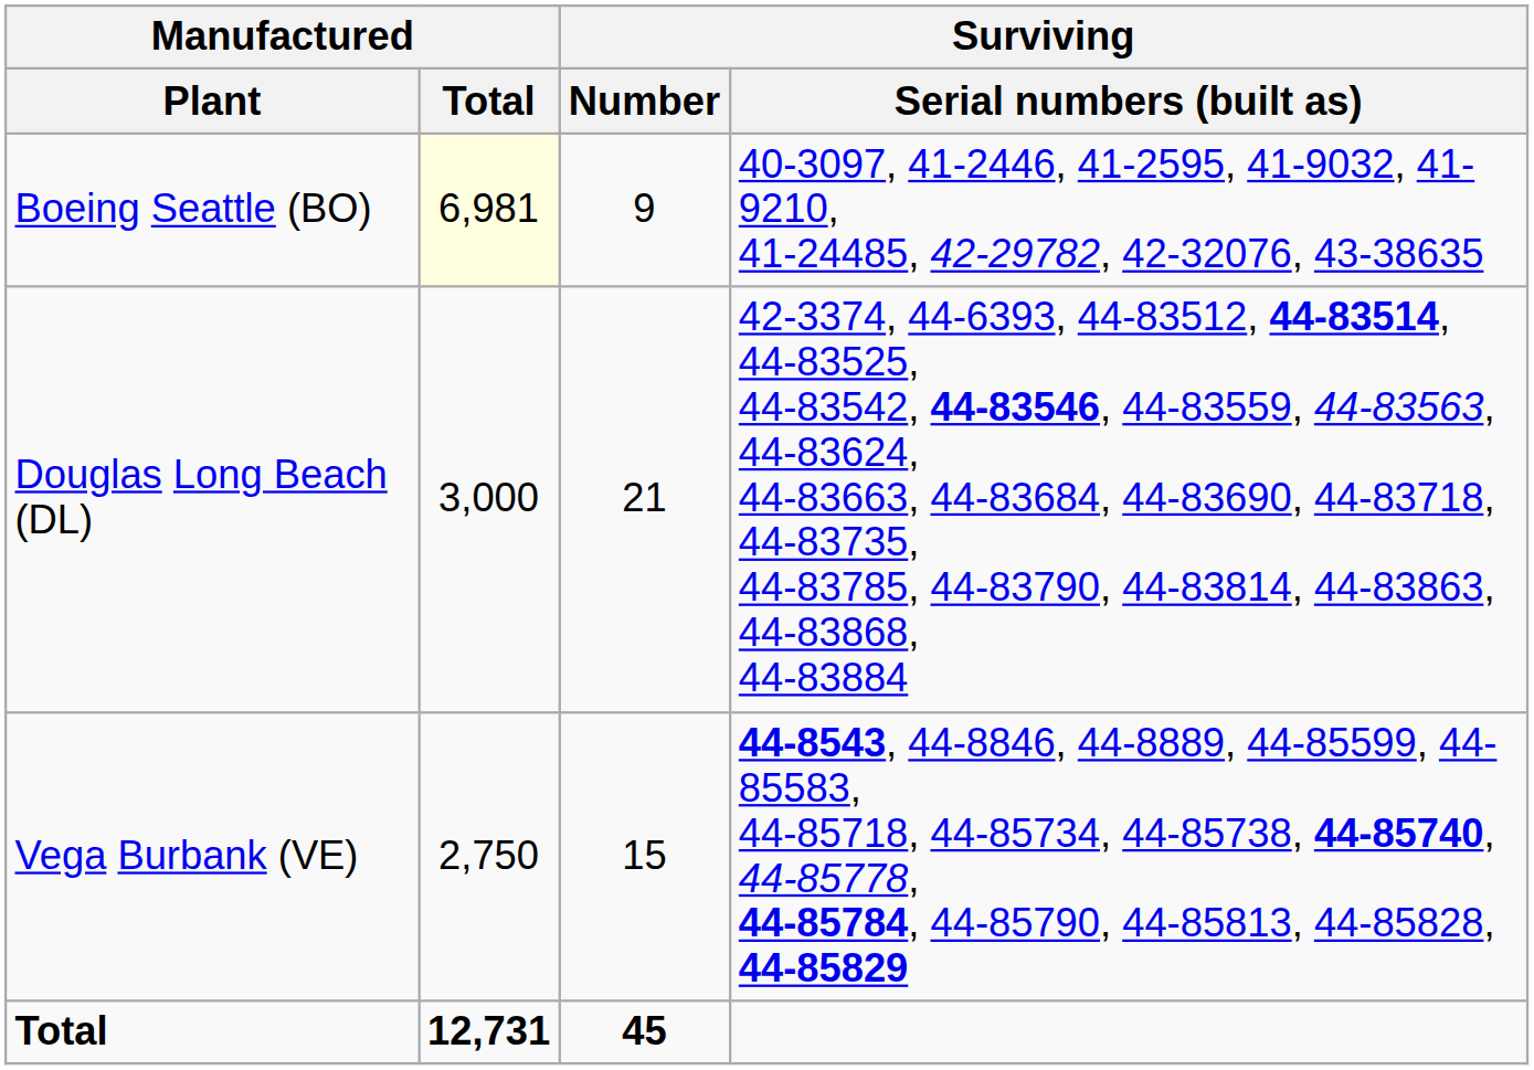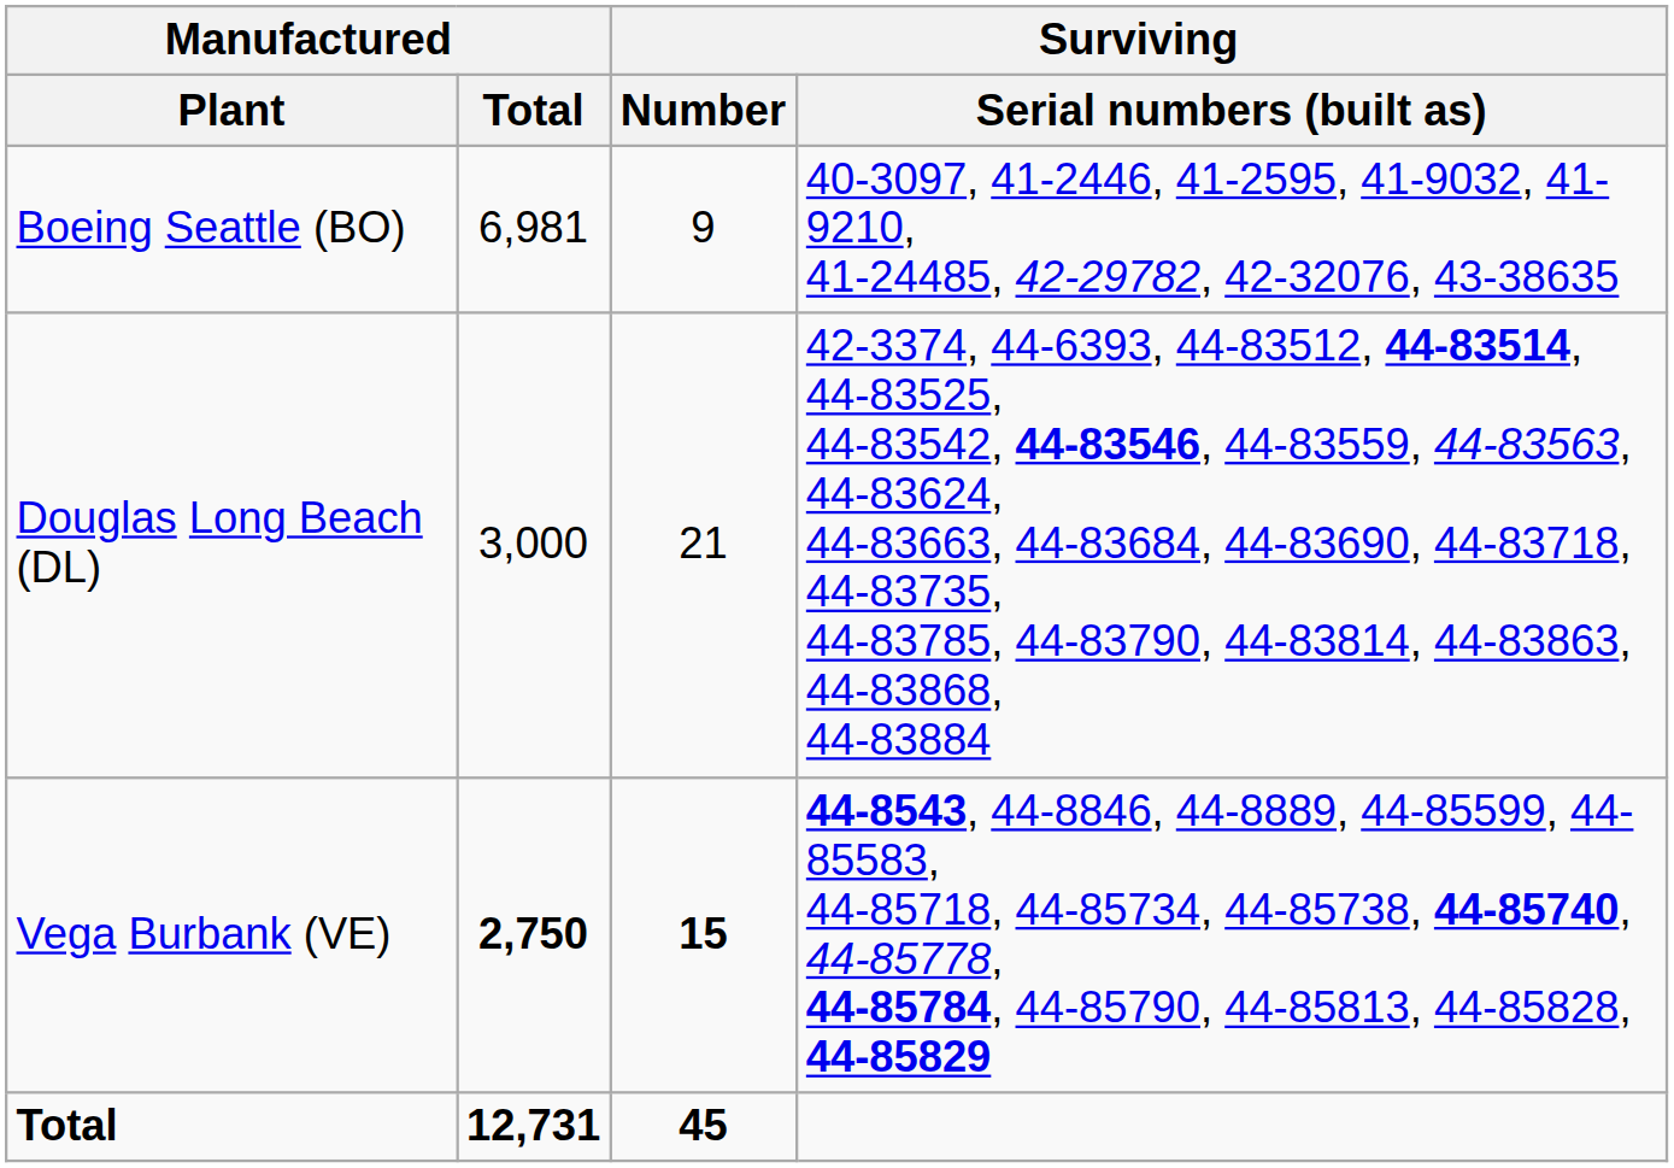 <table class="wikitable">
 <tr>
 <th colspan=2>Manufactured</th>
 <th colspan=2>Surviving</th>
 </tr>
 <tr>
 <th>Plant</th>
 <th>Total</th>
 <th>Number</th>
 <th>Serial numbers (built as)</th>
 </tr>
 <tr>
 <td><a href='#'>Boeing</a> <a href='#'>Seattle</a> (BO)</td>
-<td align=center style="background: lightyellow;">6,981</td>
+<td align=center>6,981</td>
 <td align=center>9</td>
 <td><a href='#'>40-3097</a>, <a href='#'>41-2446</a>, <a href='#'>41-2595</a>, <a href='#'>41-9032</a>, <a href='#'>41-9210</a>,<br><a href='#'>41-24485</a>, <em><a href='#'>42-29782</a></em>, <a href='#'>42-32076</a>, <a href='#'>43-38635</a></td>
 </tr>
 <tr>
 <td><a href='#'>Douglas</a> <a href='#'>Long Beach</a> (DL)</td>
 <td align=center>3,000</td>
 <td align=center>21</td>
 <td><a href='#'>42-3374</a>, <a href='#'>44-6393</a>, <a href='#'>44-83512</a>, <strong><a href='#'>44-83514</a></strong>, <a href='#'>44-83525</a>,<br><a href='#'>44-83542</a>, <strong><a href='#'>44-83546</a></strong>, <a href='#'>44-83559</a>, <em><a href='#'>44-83563</a></em>, <a href='#'>44-83624</a>,<br><a href='#'>44-83663</a>, <a href='#'>44-83684</a>, <a href='#'>44-83690</a>, <a href='#'>44-83718</a>, <a href='#'>44-83735</a>,<br><a href='#'>44-83785</a>, <a href='#'>44-83790</a>, <a href='#'>44-83814</a>, <a href='#'>44-83863</a>, <a href='#'>44-83868</a>,<br><a href='#'>44-83884</a></td>
 </tr>
 <tr>
 <td><a href='#'>Vega</a> <a href='#'>Burbank</a> (VE)</td>
-<td align=center>2,750</td>
-<td align=center>15</td>
+<td align=center><strong>2,750</strong></td>
+<td align=center><strong>15</strong></td>
 <td><strong><a href='#'>44-8543</a></strong>, <a href='#'>44-8846</a>, <a href='#'>44-8889</a>, <a href='#'>44-85599</a>, <a href='#'>44-85583</a>,<br><a href='#'>44-85718</a>, <a href='#'>44-85734</a>, <a href='#'>44-85738</a>, <strong><a href='#'>44-85740</a></strong>, <em><a href='#'>44-85778</a></em>,<br><strong><a href='#'>44-85784</a></strong>, <a href='#'>44-85790</a>, <a href='#'>44-85813</a>, <a href='#'>44-85828</a>, <strong><a href='#'>44-85829</a></strong></td>
 </tr>
 <tr>
 <td><strong>Total</strong></td>
 <td align=center><strong>12,731</strong></td>
 <td align=center><strong>45</strong></td>
 <td></td>
 </tr>
 </table>
